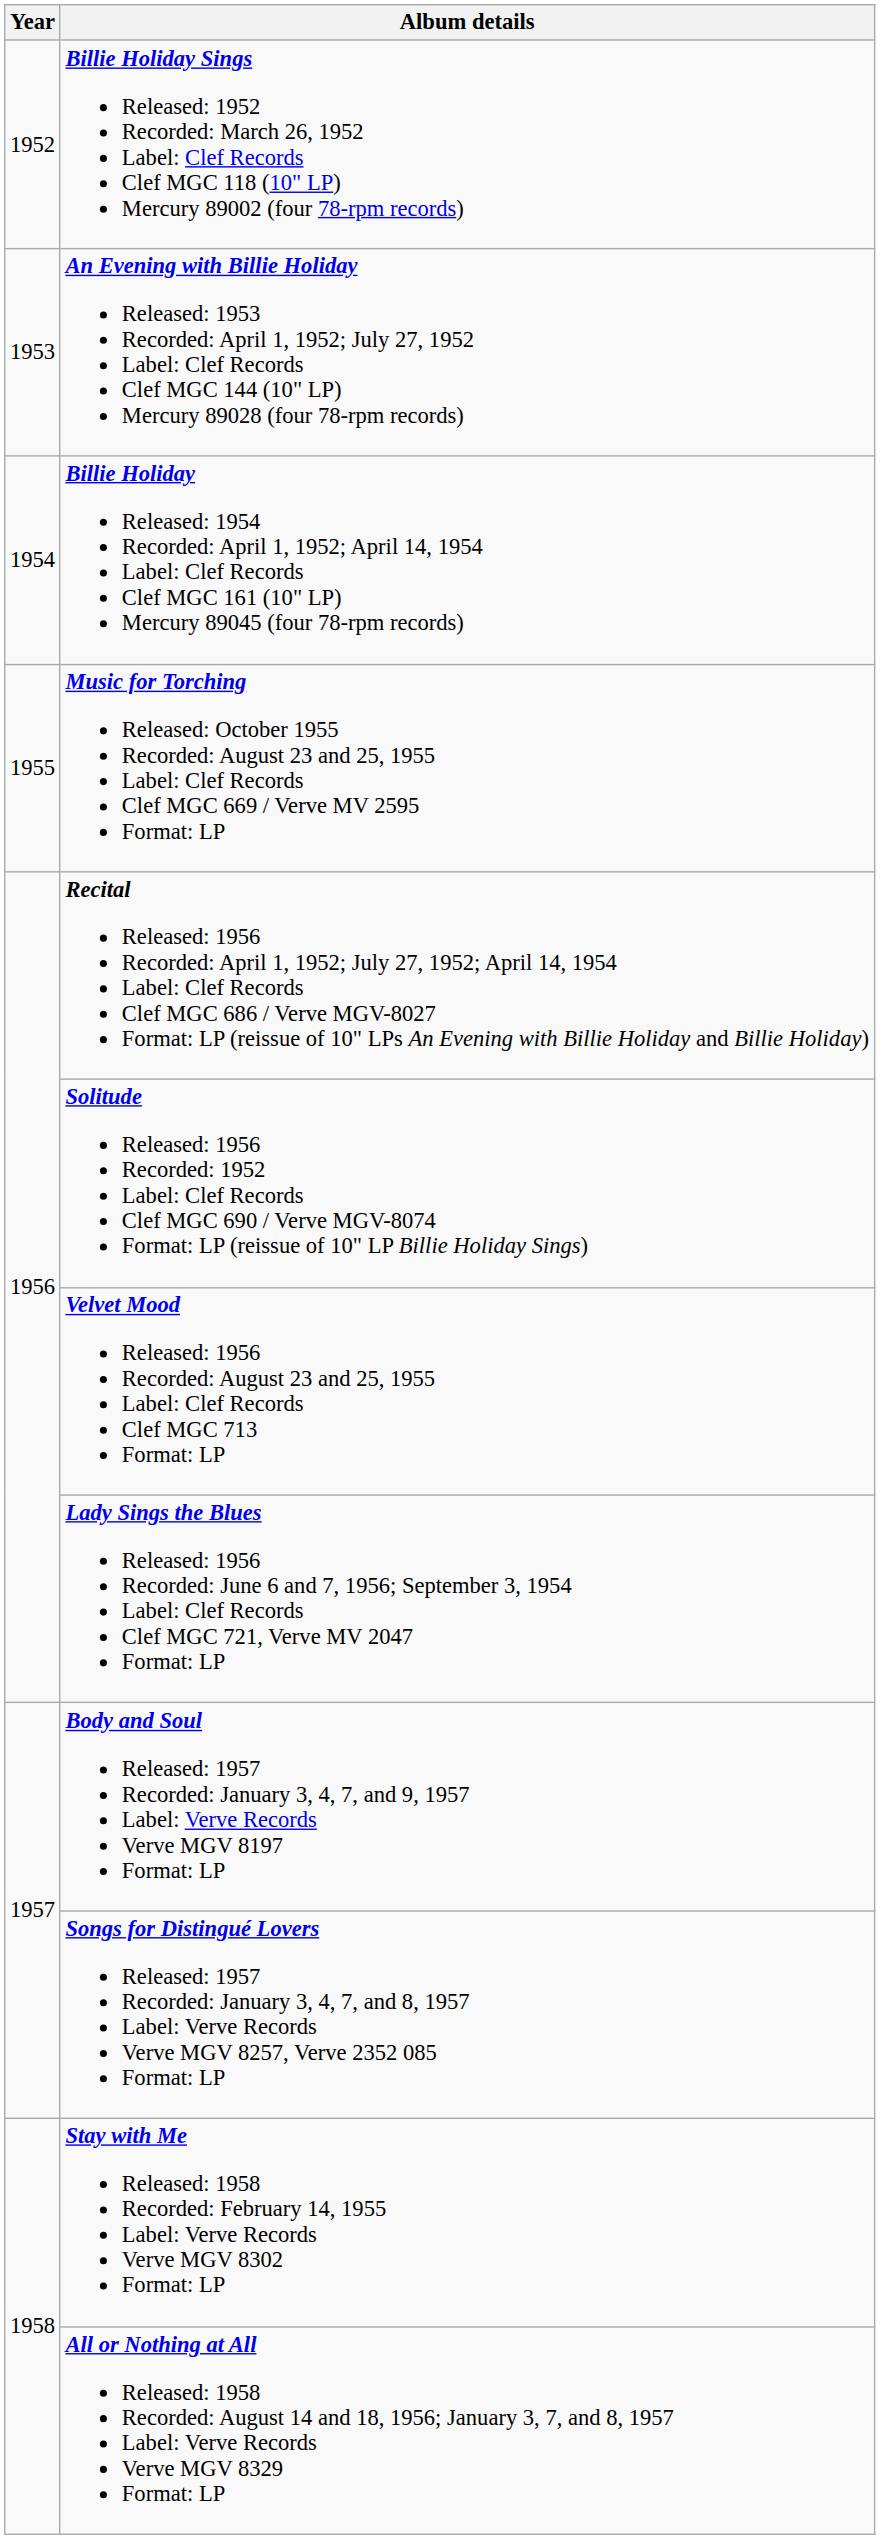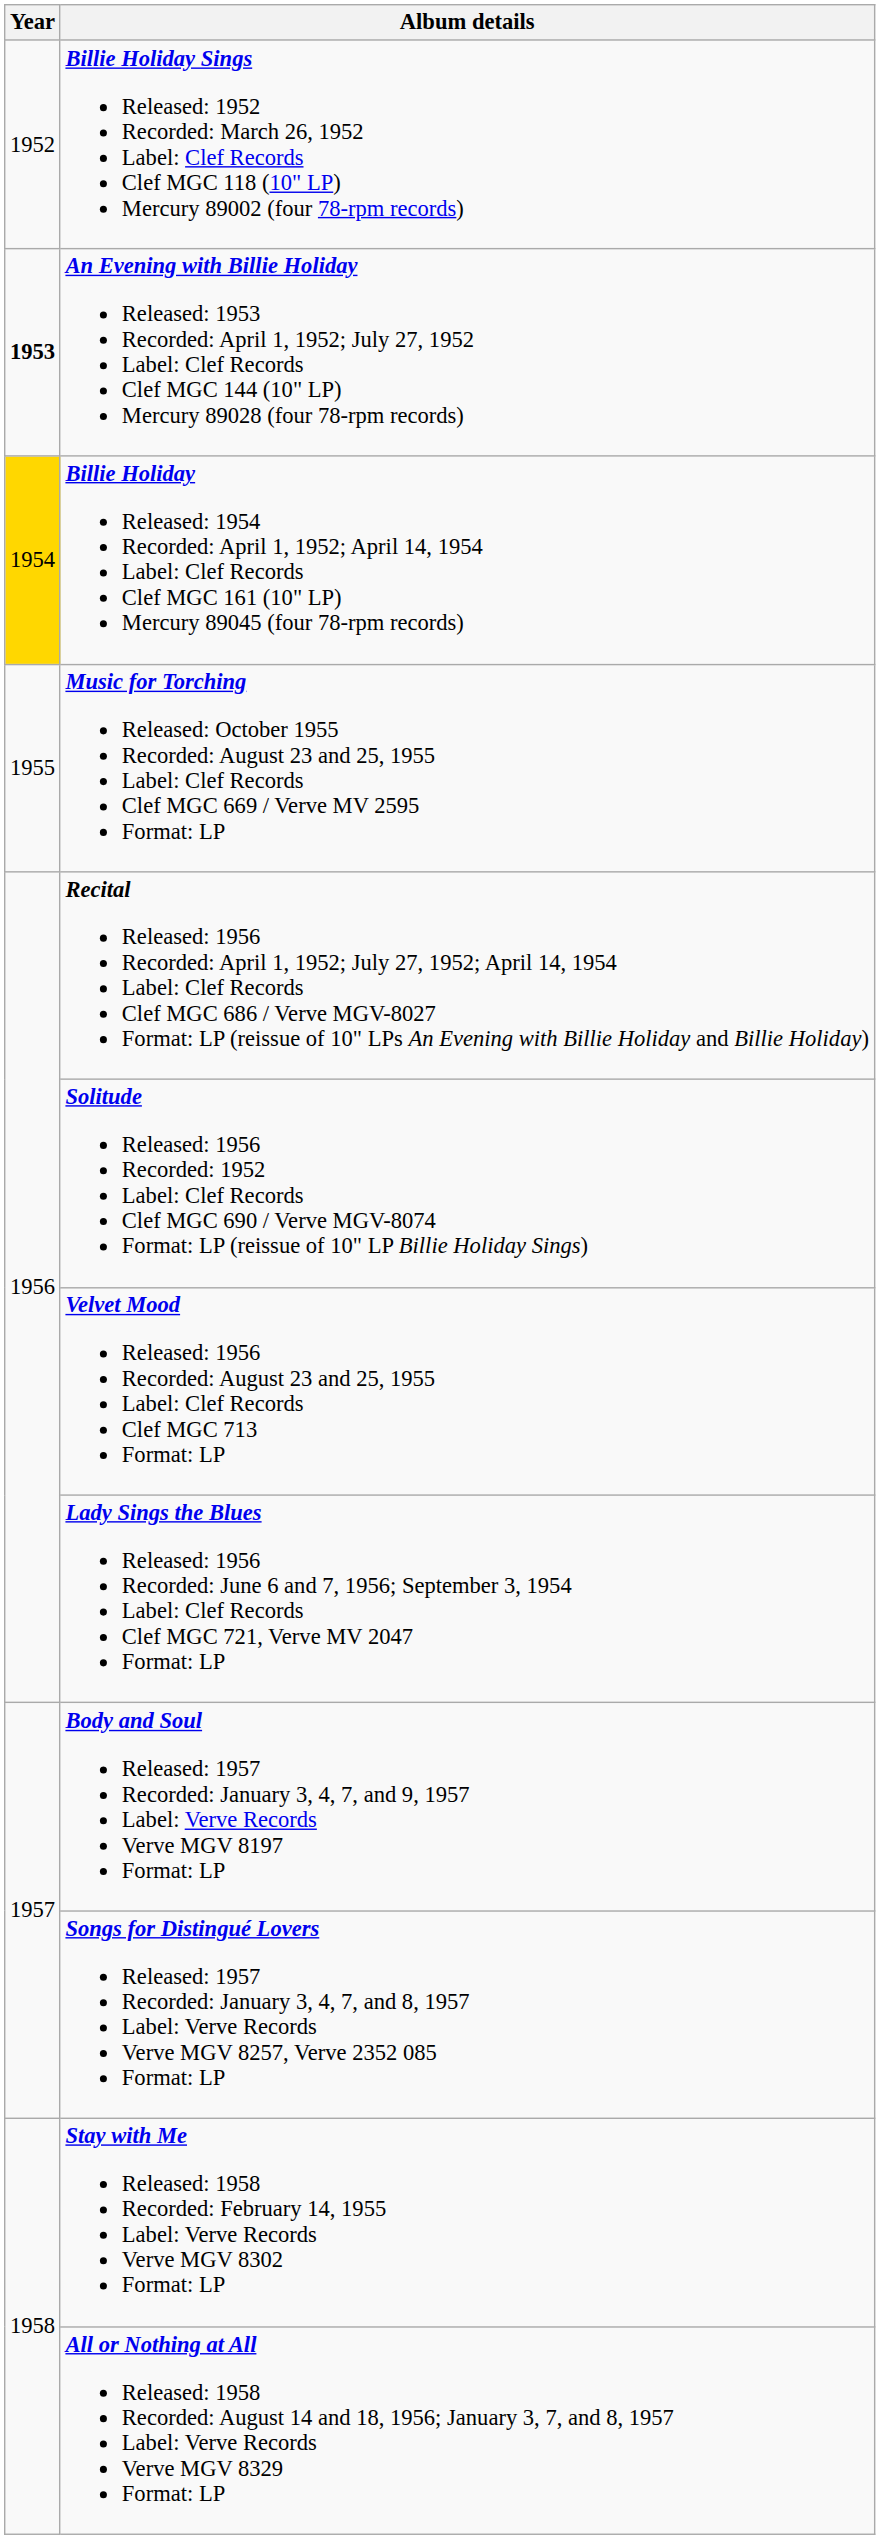 <table class="wikitable" style="text-align:center">
 <tr>
 <th>Year</th>
 <th>Album details</th>
 </tr>
 <tr>
 <td>1952</td>
 <td style="text-align:left"><strong><em><a href='#'>Billie Holiday Sings</a></em></strong><br><ul><li>Released: 1952</li><li>Recorded: March 26, 1952</li><li>Label: <a href='#'>Clef Records</a></li><li>Clef MGC 118 (<a href='#'>10" LP</a>)</li><li>Mercury 89002 (four <a href='#'>78-rpm records</a>)</li></ul></td>
 </tr>
 <tr>
-<td>1953</td>
+<td><strong>1953</strong></td>
 <td style="text-align:left"><strong><em><a href='#'>An Evening with Billie Holiday</a></em></strong><br><ul><li>Released: 1953</li><li>Recorded: April 1, 1952; July 27, 1952</li><li>Label: Clef Records</li><li>Clef MGC 144 (10" LP)</li><li>Mercury 89028 (four 78-rpm records)</li></ul></td>
 </tr>
 <tr>
-<td>1954</td>
+<td style="background: gold;">1954</td>
 <td style="text-align:left"><strong><em><a href='#'>Billie Holiday</a></em></strong><br><ul><li>Released: 1954</li><li>Recorded: April 1, 1952; April 14, 1954</li><li>Label: Clef Records</li><li>Clef MGC 161 (10" LP)</li><li>Mercury 89045 (four 78-rpm records)</li></ul></td>
 </tr>
 <tr>
 <td>1955</td>
 <td style="text-align:left"><strong><em><a href='#'>Music for Torching</a></em></strong><br><ul><li>Released: October 1955</li><li>Recorded: August 23 and 25, 1955</li><li>Label: Clef Records</li><li>Clef MGC 669 / Verve MV 2595</li><li>Format: LP</li></ul></td>
 </tr>
 <tr>
 <td rowspan="4">1956</td>
 <td style="text-align:left"><strong><em>Recital</em></strong><br><ul><li>Released: 1956</li><li>Recorded: April 1, 1952; July 27, 1952; April 14, 1954</li><li>Label: Clef Records</li><li>Clef MGC 686 / Verve MGV-8027</li><li>Format: LP (reissue of 10" LPs <em>An Evening with Billie Holiday</em> and <em>Billie Holiday</em>)</li></ul></td>
 </tr>
 <tr>
 <td style="text-align:left"><strong><em><a href='#'>Solitude</a></em></strong><br><ul><li>Released: 1956</li><li>Recorded: 1952</li><li>Label: Clef Records</li><li>Clef MGC 690 / Verve MGV-8074</li><li>Format: LP (reissue of 10" LP <em>Billie Holiday Sings</em>)</li></ul></td>
 </tr>
 <tr>
 <td style="text-align:left"><strong><em><a href='#'>Velvet Mood</a></em></strong><br><ul><li>Released: 1956</li><li>Recorded: August 23 and 25, 1955</li><li>Label: Clef Records</li><li>Clef MGC 713</li><li>Format: LP</li></ul></td>
 </tr>
 <tr>
 <td style="text-align:left"><strong><em><a href='#'>Lady Sings the Blues</a></em></strong><br><ul><li>Released: 1956</li><li>Recorded: June 6 and 7, 1956; September 3, 1954</li><li>Label: Clef Records</li><li>Clef MGC 721, Verve MV 2047</li><li>Format: LP</li></ul></td>
 </tr>
 <tr>
 <td rowspan="2">1957</td>
 <td style="text-align:left"><strong><em><a href='#'>Body and Soul</a></em></strong><br><ul><li>Released: 1957</li><li>Recorded: January 3, 4, 7, and 9, 1957</li><li>Label: <a href='#'>Verve Records</a></li><li>Verve MGV 8197</li><li>Format: LP</li></ul></td>
 </tr>
 <tr>
 <td style="text-align:left"><strong><em><a href='#'>Songs for Distingué Lovers</a></em></strong><br><ul><li>Released: 1957</li><li>Recorded: January 3, 4, 7, and 8, 1957</li><li>Label: Verve Records</li><li>Verve MGV 8257, Verve 2352 085</li><li>Format: LP</li></ul></td>
 </tr>
 <tr>
 <td rowspan="2">1958</td>
 <td style="text-align:left"><strong><em><a href='#'>Stay with Me</a></em></strong><br><ul><li>Released: 1958</li><li>Recorded: February 14, 1955</li><li>Label: Verve Records</li><li>Verve MGV 8302</li><li>Format: LP</li></ul></td>
 </tr>
 <tr>
 <td style="text-align:left"><strong><em><a href='#'>All or Nothing at All</a></em></strong><br><ul><li>Released: 1958</li><li>Recorded: August 14 and 18, 1956; January 3, 7, and 8, 1957</li><li>Label: Verve Records</li><li>Verve MGV 8329</li><li>Format: LP</li></ul></td>
 </tr>
 </table>
